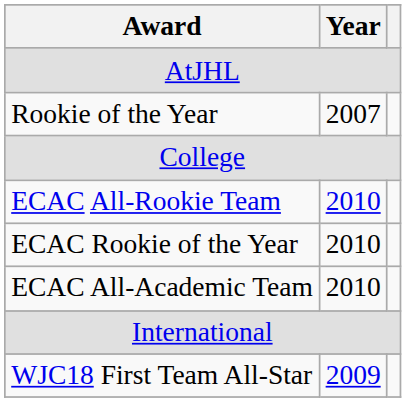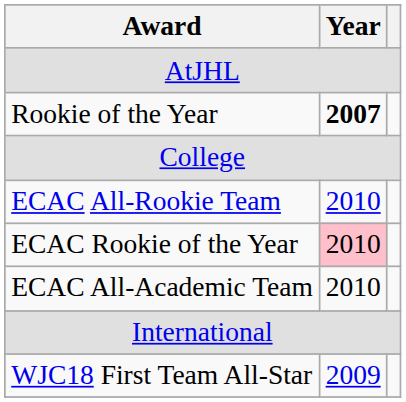 <table class="wikitable">
 <tr>
 <th>Award</th>
 <th>Year</th>
 <th></th>
 </tr>
 <tr ALIGN="center" bgcolor="#e0e0e0">
 <td colspan="3"><a href='#'>AtJHL</a></td>
 </tr>
 <tr>
 <td>Rookie of the Year</td>
-<td>2007</td>
+<td><strong>2007</strong></td>
 <td></td>
 </tr>
 <tr ALIGN="center" bgcolor="#e0e0e0">
 <td colspan="3"><a href='#'>College</a></td>
 </tr>
 <tr>
 <td><a href='#'>ECAC</a> <a href='#'>All-Rookie Team</a></td>
 <td><a href='#'>2010</a></td>
 <td></td>
 </tr>
 <tr>
 <td>ECAC Rookie of the Year</td>
-<td>2010</td>
+<td style="background: pink;">2010</td>
 <td></td>
 </tr>
 <tr>
 <td>ECAC All-Academic Team</td>
 <td>2010</td>
 <td></td>
 </tr>
 <tr ALIGN="center" bgcolor="#e0e0e0">
 <td colspan="3"><a href='#'>International</a></td>
 </tr>
 <tr>
 <td><a href='#'>WJC18</a> First Team All-Star</td>
 <td><a href='#'>2009</a></td>
 <td></td>
 </tr>
 </table>
